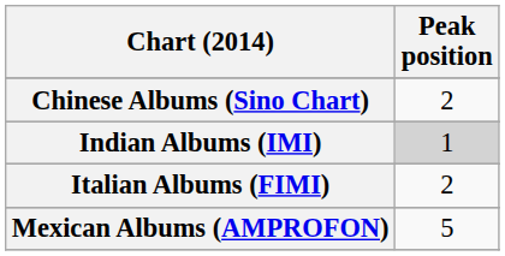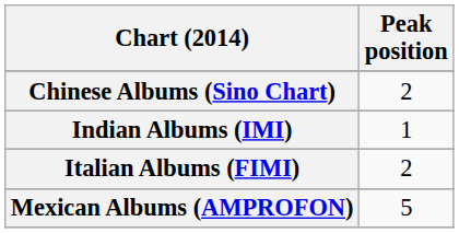 <table class="wikitable sortable plainrowheaders" style="text-align:center;">
 <tr>
 <th>Chart (2014)</th>
 <th>Peak<br>position</th>
 </tr>
 <tr>
 </tr>
 <tr>
 </tr>
 <tr>
 </tr>
 <tr>
 </tr>
 <tr>
 </tr>
 <tr>
 <th scope="row">Chinese Albums (<a href='#'>Sino Chart</a>)</th>
 <td>2</td>
 </tr>
 <tr>
 </tr>
 <tr>
 </tr>
 <tr>
 </tr>
 <tr>
 </tr>
 <tr>
 </tr>
 <tr>
 </tr>
 <tr>
 </tr>
 <tr>
 </tr>
 <tr>
 </tr>
 <tr>
 <th scope="row">Indian Albums (<a href='#'>IMI</a>)</th>
-<td style="background: lightgrey;">1</td>
+<td>1</td>
 </tr>
 <tr>
 </tr>
 <tr>
 <th scope="row">Italian Albums (<a href='#'>FIMI</a>)</th>
 <td>2</td>
 </tr>
 <tr>
 </tr>
 <tr>
 </tr>
 <tr>
 </tr>
 <tr>
 <th scope="row">Mexican Albums (<a href='#'>AMPROFON</a>)</th>
 <td>5</td>
 </tr>
 <tr>
 </tr>
 <tr>
 </tr>
 <tr>
 </tr>
 <tr>
 </tr>
 <tr>
 </tr>
 <tr>
 </tr>
 <tr>
 </tr>
 <tr>
 </tr>
 <tr>
 </tr>
 <tr>
 </tr>
 </table>
